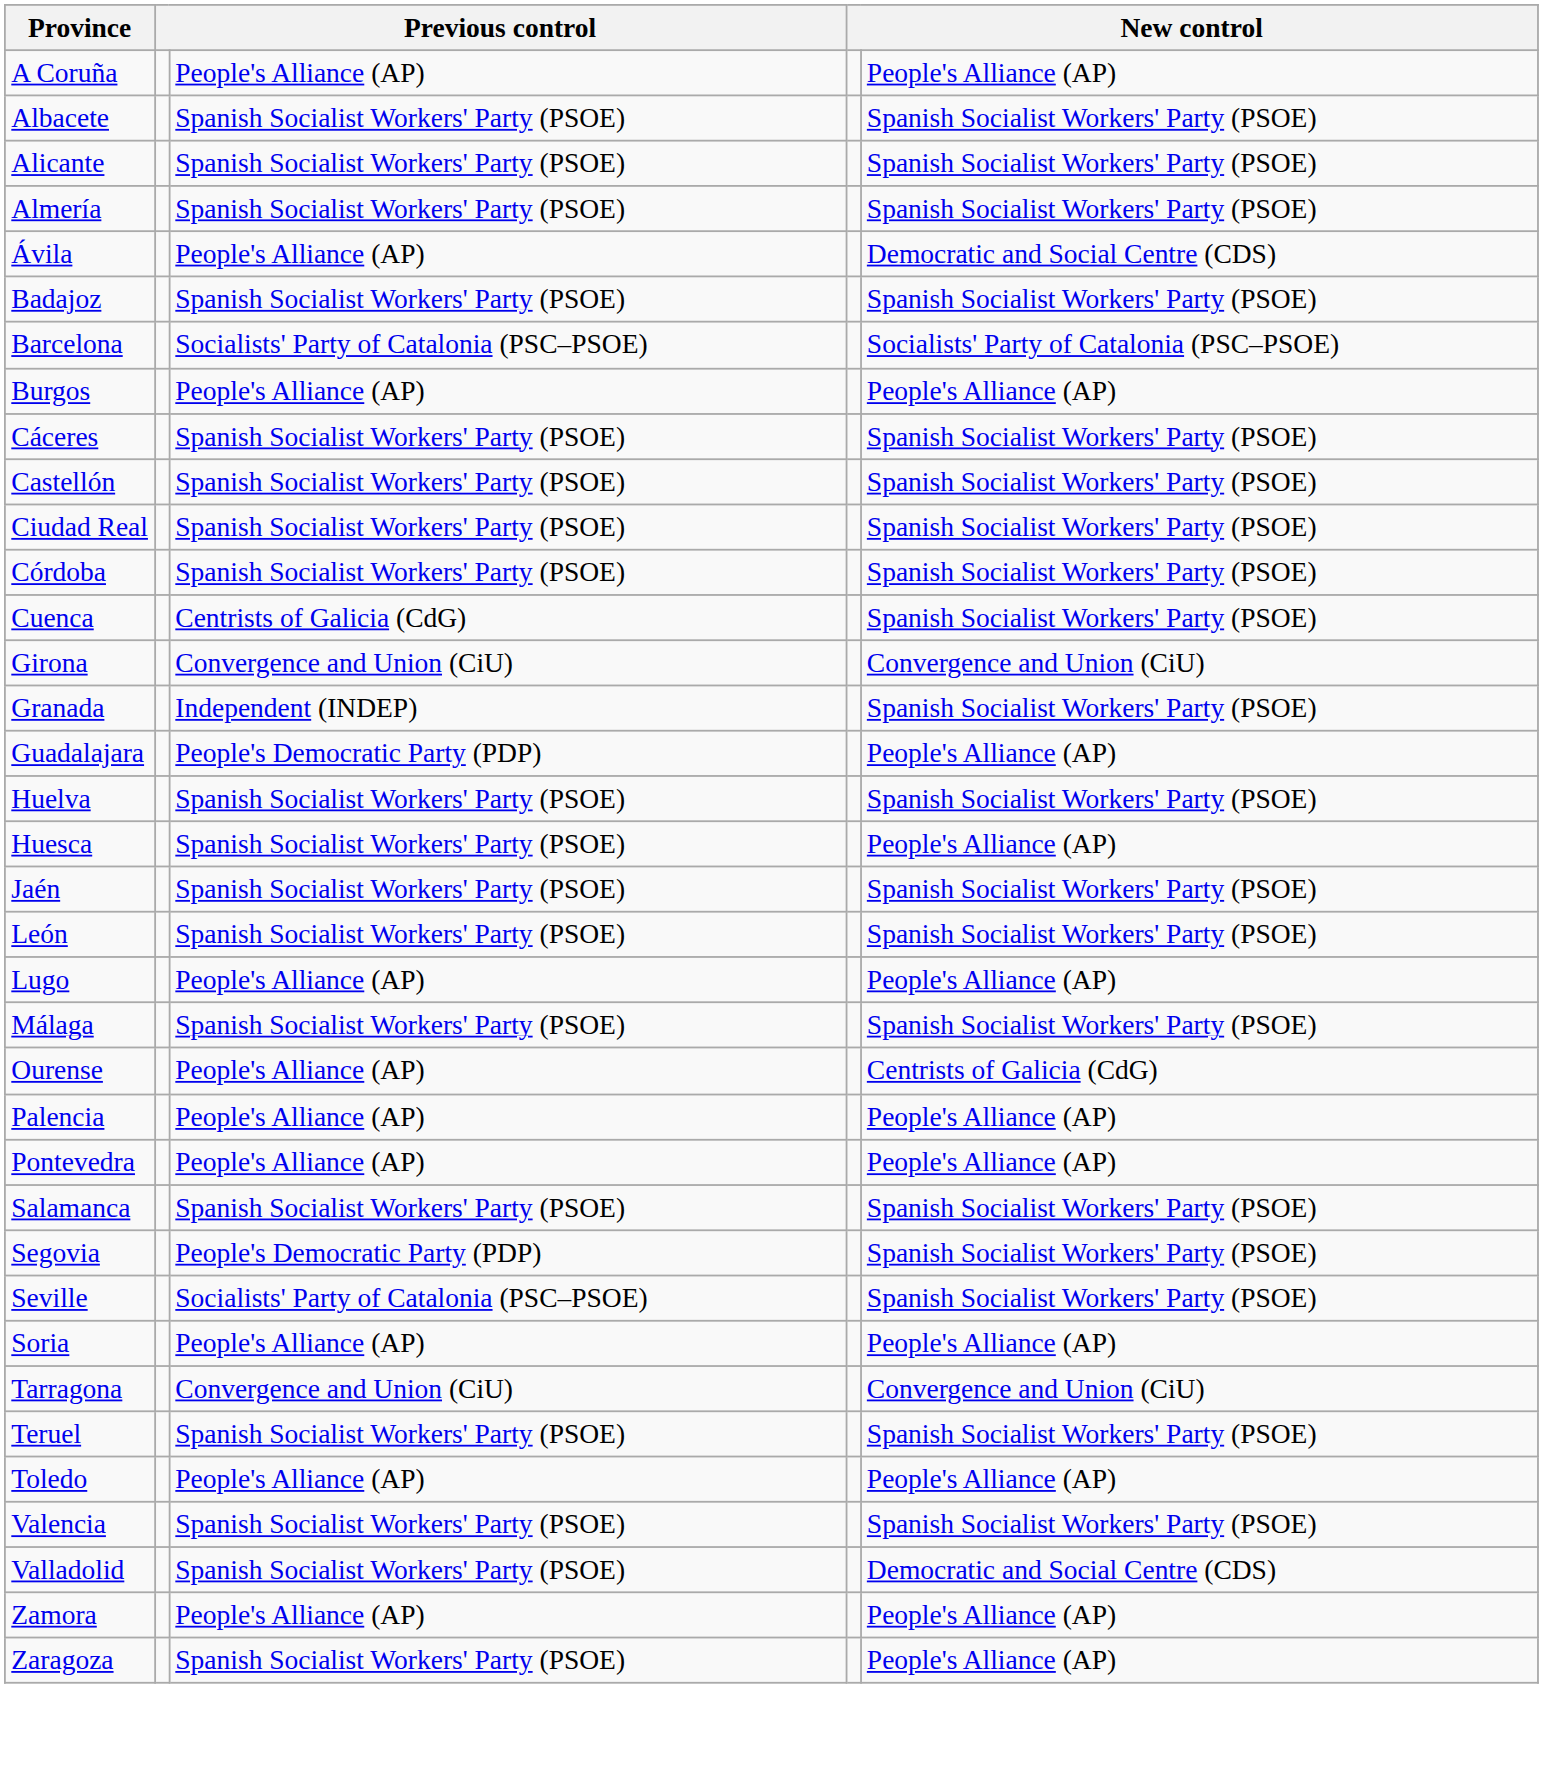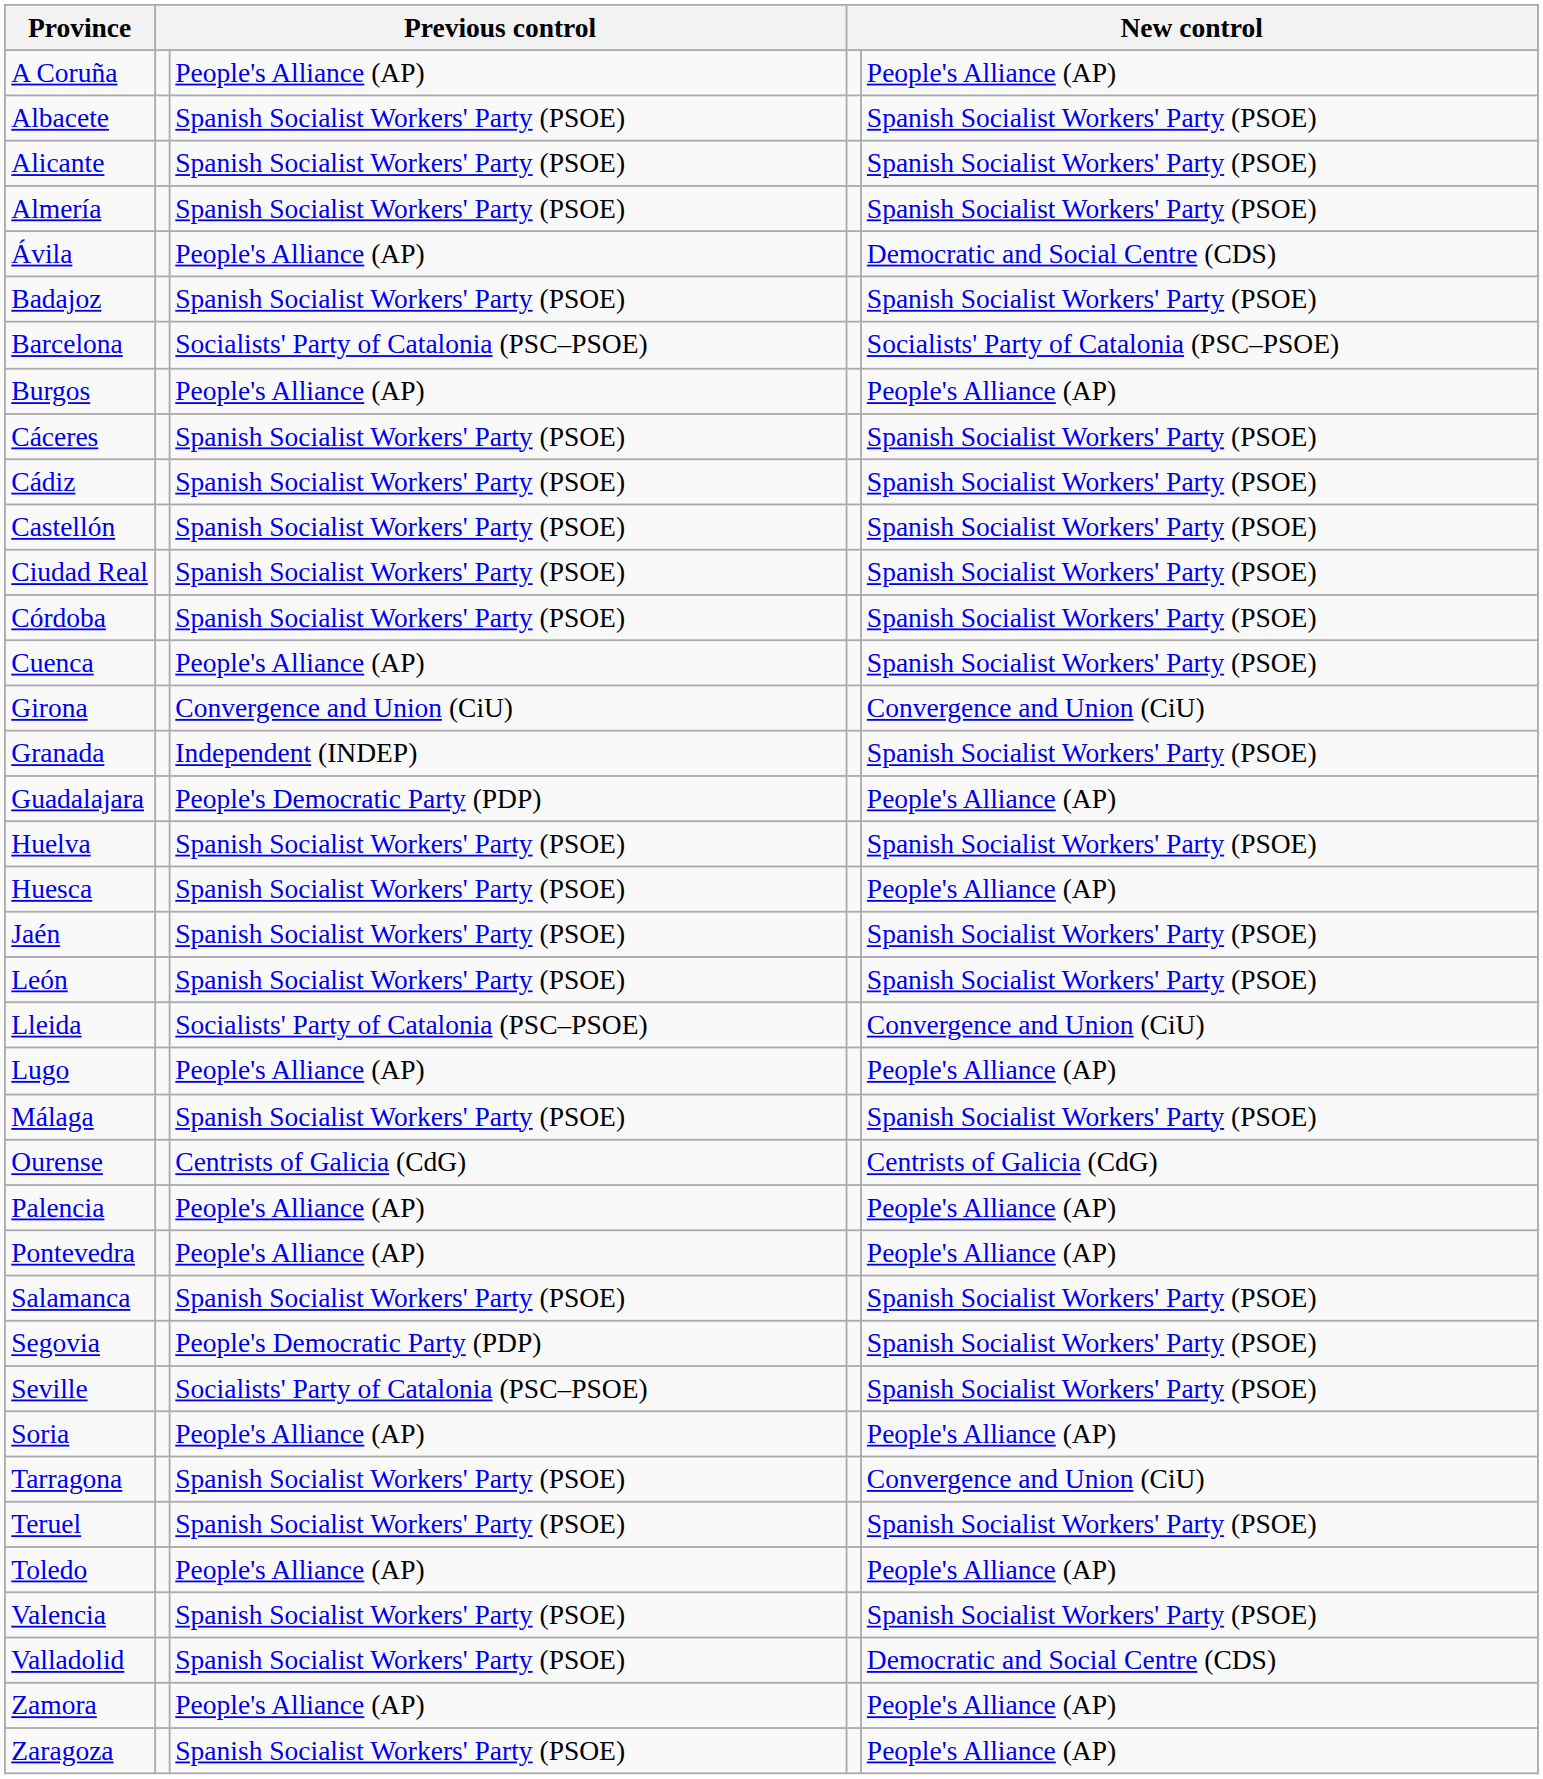 <table class="wikitable sortable" style="font-size:95%;">
 <tr>
 <th>Province</th>
 <th colspan="2" style="width:375px;">Previous control</th>
 <th colspan="2" style="width:375px;">New control</th>
 </tr>
 <tr>
 <td><a href='#'>A Coruña</a></td>
 <td width="1" style="color:inherit;background:"></td>
 <td><a href='#'>People's Alliance</a> (AP)</td>
 <td width="1" style="color:inherit;background:"></td>
 <td><a href='#'>People's Alliance</a> (AP) </td>
 </tr>
 <tr>
 <td><a href='#'>Albacete</a></td>
 <td style="color:inherit;background:"></td>
 <td><a href='#'>Spanish Socialist Workers' Party</a> (PSOE)</td>
 <td style="color:inherit;background:"></td>
 <td><a href='#'>Spanish Socialist Workers' Party</a> (PSOE)</td>
 </tr>
 <tr>
 <td><a href='#'>Alicante</a></td>
 <td style="color:inherit;background:"></td>
 <td><a href='#'>Spanish Socialist Workers' Party</a> (PSOE)</td>
 <td style="color:inherit;background:"></td>
 <td><a href='#'>Spanish Socialist Workers' Party</a> (PSOE)</td>
 </tr>
 <tr>
 <td><a href='#'>Almería</a></td>
 <td style="color:inherit;background:"></td>
 <td><a href='#'>Spanish Socialist Workers' Party</a> (PSOE)</td>
 <td width="1" style="color:inherit;background:"></td>
 <td><a href='#'>Spanish Socialist Workers' Party</a> (PSOE)</td>
 </tr>
 <tr>
 <td><a href='#'>Ávila</a></td>
 <td style="color:inherit;background:"></td>
 <td><a href='#'>People's Alliance</a> (AP)</td>
 <td style="color:inherit;background:"></td>
 <td><a href='#'>Democratic and Social Centre</a> (CDS)</td>
 </tr>
 <tr>
 <td><a href='#'>Badajoz</a></td>
 <td style="color:inherit;background:"></td>
 <td><a href='#'>Spanish Socialist Workers' Party</a> (PSOE)</td>
 <td style="color:inherit;background:"></td>
 <td><a href='#'>Spanish Socialist Workers' Party</a> (PSOE)</td>
 </tr>
 <tr>
 <td><a href='#'>Barcelona</a></td>
 <td style="color:inherit;background:"></td>
 <td><a href='#'>Socialists' Party of Catalonia</a> (PSC–PSOE)</td>
 <td style="color:inherit;background:"></td>
 <td><a href='#'>Socialists' Party of Catalonia</a> (PSC–PSOE)</td>
 </tr>
 <tr>
 <td><a href='#'>Burgos</a></td>
 <td style="color:inherit;background:"></td>
 <td><a href='#'>People's Alliance</a> (AP)</td>
 <td style="color:inherit;background:"></td>
 <td><a href='#'>People's Alliance</a> (AP)</td>
 </tr>
 <tr>
 <td><a href='#'>Cáceres</a></td>
 <td style="color:inherit;background:"></td>
 <td><a href='#'>Spanish Socialist Workers' Party</a> (PSOE)</td>
 <td style="color:inherit;background:"></td>
 <td><a href='#'>Spanish Socialist Workers' Party</a> (PSOE)</td>
 </tr>
 <tr>
+<td><a href='#'>Cádiz</a></td>
+<td style="color:inherit;background:"></td>
+<td><a href='#'>Spanish Socialist Workers' Party</a> (PSOE)</td>
+<td style="color:inherit;background:"></td>
+<td><a href='#'>Spanish Socialist Workers' Party</a> (PSOE)</td>
+</tr>
+<tr>
 <td><a href='#'>Castellón</a></td>
 <td style="color:inherit;background:"></td>
 <td><a href='#'>Spanish Socialist Workers' Party</a> (PSOE)</td>
 <td style="color:inherit;background:"></td>
 <td><a href='#'>Spanish Socialist Workers' Party</a> (PSOE)</td>
 </tr>
 <tr>
 <td><a href='#'>Ciudad Real</a></td>
 <td style="color:inherit;background:"></td>
 <td><a href='#'>Spanish Socialist Workers' Party</a> (PSOE)</td>
 <td style="color:inherit;background:"></td>
 <td><a href='#'>Spanish Socialist Workers' Party</a> (PSOE)</td>
 </tr>
 <tr>
 <td><a href='#'>Córdoba</a></td>
 <td style="color:inherit;background:"></td>
 <td><a href='#'>Spanish Socialist Workers' Party</a> (PSOE)</td>
 <td style="color:inherit;background:"></td>
 <td><a href='#'>Spanish Socialist Workers' Party</a> (PSOE)</td>
 </tr>
 <tr>
 <td><a href='#'>Cuenca</a></td>
 <td style="color:inherit;background:"></td>
-<td><a href='#'>Centrists of Galicia</a> (CdG)</td>
+<td><a href='#'>People's Alliance</a> (AP)</td>
 <td style="color:inherit;background:"></td>
 <td><a href='#'>Spanish Socialist Workers' Party</a> (PSOE)</td>
 </tr>
 <tr>
 <td><a href='#'>Girona</a></td>
 <td style="color:inherit;background:"></td>
 <td><a href='#'>Convergence and Union</a> (CiU)</td>
 <td style="color:inherit;background:"></td>
 <td><a href='#'>Convergence and Union</a> (CiU)</td>
 </tr>
 <tr>
 <td><a href='#'>Granada</a></td>
 <td style="color:inherit;background:"></td>
 <td><a href='#'>Independent</a> (INDEP)</td>
 <td style="color:inherit;background:"></td>
 <td><a href='#'>Spanish Socialist Workers' Party</a> (PSOE)</td>
 </tr>
 <tr>
 <td><a href='#'>Guadalajara</a></td>
 <td style="color:inherit;background:"></td>
 <td><a href='#'>People's Democratic Party</a> (PDP)</td>
 <td style="color:inherit;background:"></td>
 <td><a href='#'>People's Alliance</a> (AP)</td>
 </tr>
 <tr>
 <td><a href='#'>Huelva</a></td>
 <td style="color:inherit;background:"></td>
 <td><a href='#'>Spanish Socialist Workers' Party</a> (PSOE)</td>
 <td style="color:inherit;background:"></td>
 <td><a href='#'>Spanish Socialist Workers' Party</a> (PSOE)</td>
 </tr>
 <tr>
 <td><a href='#'>Huesca</a></td>
 <td style="color:inherit;background:"></td>
 <td><a href='#'>Spanish Socialist Workers' Party</a> (PSOE)</td>
 <td style="color:inherit;background:"></td>
 <td><a href='#'>People's Alliance</a> (AP)</td>
 </tr>
 <tr>
 <td><a href='#'>Jaén</a></td>
 <td style="color:inherit;background:"></td>
 <td><a href='#'>Spanish Socialist Workers' Party</a> (PSOE)</td>
 <td style="color:inherit;background:"></td>
 <td><a href='#'>Spanish Socialist Workers' Party</a> (PSOE)</td>
 </tr>
 <tr>
 <td><a href='#'>León</a></td>
 <td style="color:inherit;background:"></td>
 <td><a href='#'>Spanish Socialist Workers' Party</a> (PSOE)</td>
 <td style="color:inherit;background:"></td>
 <td><a href='#'>Spanish Socialist Workers' Party</a> (PSOE)</td>
 </tr>
 <tr>
+<td><a href='#'>Lleida</a></td>
+<td style="color:inherit;background:"></td>
+<td><a href='#'>Socialists' Party of Catalonia</a> (PSC–PSOE)</td>
+<td style="color:inherit;background:"></td>
+<td><a href='#'>Convergence and Union</a> (CiU)</td>
+</tr>
+<tr>
 <td><a href='#'>Lugo</a></td>
 <td style="color:inherit;background:"></td>
 <td><a href='#'>People's Alliance</a> (AP)</td>
 <td style="color:inherit;background:"></td>
 <td><a href='#'>People's Alliance</a> (AP)</td>
 </tr>
 <tr>
 <td><a href='#'>Málaga</a></td>
 <td style="color:inherit;background:"></td>
 <td><a href='#'>Spanish Socialist Workers' Party</a> (PSOE)</td>
 <td style="color:inherit;background:"></td>
 <td><a href='#'>Spanish Socialist Workers' Party</a> (PSOE)</td>
 </tr>
 <tr>
 <td><a href='#'>Ourense</a></td>
 <td style="color:inherit;background:"></td>
-<td><a href='#'>People's Alliance</a> (AP)</td>
+<td><a href='#'>Centrists of Galicia</a> (CdG)</td>
 <td style="color:inherit;background:"></td>
 <td><a href='#'>Centrists of Galicia</a> (CdG)</td>
 </tr>
 <tr>
 <td><a href='#'>Palencia</a></td>
 <td style="color:inherit;background:"></td>
 <td><a href='#'>People's Alliance</a> (AP)</td>
 <td style="color:inherit;background:"></td>
 <td><a href='#'>People's Alliance</a> (AP)</td>
 </tr>
 <tr>
 <td><a href='#'>Pontevedra</a></td>
 <td style="color:inherit;background:"></td>
 <td><a href='#'>People's Alliance</a> (AP)</td>
 <td style="color:inherit;background:"></td>
 <td><a href='#'>People's Alliance</a> (AP)</td>
 </tr>
 <tr>
 <td><a href='#'>Salamanca</a></td>
 <td style="color:inherit;background:"></td>
 <td><a href='#'>Spanish Socialist Workers' Party</a> (PSOE)</td>
 <td style="color:inherit;background:"></td>
 <td><a href='#'>Spanish Socialist Workers' Party</a> (PSOE) </td>
 </tr>
 <tr>
 <td><a href='#'>Segovia</a></td>
 <td style="color:inherit;background:"></td>
 <td><a href='#'>People's Democratic Party</a> (PDP)</td>
 <td style="color:inherit;background:"></td>
 <td><a href='#'>Spanish Socialist Workers' Party</a> (PSOE)</td>
 </tr>
 <tr>
 <td><a href='#'>Seville</a></td>
 <td style="color:inherit;background:"></td>
 <td><a href='#'>Socialists' Party of Catalonia</a> (PSC–PSOE)</td>
 <td style="color:inherit;background:"></td>
 <td><a href='#'>Spanish Socialist Workers' Party</a> (PSOE)</td>
 </tr>
 <tr>
 <td><a href='#'>Soria</a></td>
 <td style="color:inherit;background:"></td>
 <td><a href='#'>People's Alliance</a> (AP)</td>
 <td style="color:inherit;background:"></td>
 <td><a href='#'>People's Alliance</a> (AP)</td>
 </tr>
 <tr>
 <td><a href='#'>Tarragona</a></td>
 <td style="color:inherit;background:"></td>
-<td><a href='#'>Convergence and Union</a> (CiU)</td>
+<td><a href='#'>Spanish Socialist Workers' Party</a> (PSOE)</td>
 <td style="color:inherit;background:"></td>
 <td><a href='#'>Convergence and Union</a> (CiU)</td>
 </tr>
 <tr>
 <td><a href='#'>Teruel</a></td>
 <td style="color:inherit;background:"></td>
 <td><a href='#'>Spanish Socialist Workers' Party</a> (PSOE)</td>
 <td style="color:inherit;background:"></td>
 <td><a href='#'>Spanish Socialist Workers' Party</a> (PSOE)</td>
 </tr>
 <tr>
 <td><a href='#'>Toledo</a></td>
 <td style="color:inherit;background:"></td>
 <td><a href='#'>People's Alliance</a> (AP)</td>
 <td style="color:inherit;background:"></td>
 <td><a href='#'>People's Alliance</a> (AP)</td>
 </tr>
 <tr>
 <td><a href='#'>Valencia</a></td>
 <td style="color:inherit;background:"></td>
 <td><a href='#'>Spanish Socialist Workers' Party</a> (PSOE)</td>
 <td style="color:inherit;background:"></td>
 <td><a href='#'>Spanish Socialist Workers' Party</a> (PSOE)</td>
 </tr>
 <tr>
 <td><a href='#'>Valladolid</a></td>
 <td style="color:inherit;background:"></td>
 <td><a href='#'>Spanish Socialist Workers' Party</a> (PSOE)</td>
 <td style="color:inherit;background:"></td>
 <td><a href='#'>Democratic and Social Centre</a> (CDS) </td>
 </tr>
 <tr>
 <td><a href='#'>Zamora</a></td>
 <td style="color:inherit;background:"></td>
 <td><a href='#'>People's Alliance</a> (AP)</td>
 <td style="color:inherit;background:"></td>
 <td><a href='#'>People's Alliance</a> (AP)</td>
 </tr>
 <tr>
 <td><a href='#'>Zaragoza</a></td>
 <td style="color:inherit;background:"></td>
 <td><a href='#'>Spanish Socialist Workers' Party</a> (PSOE)</td>
 <td style="color:inherit;background:"></td>
 <td><a href='#'>People's Alliance</a> (AP)</td>
 </tr>
 </table>
